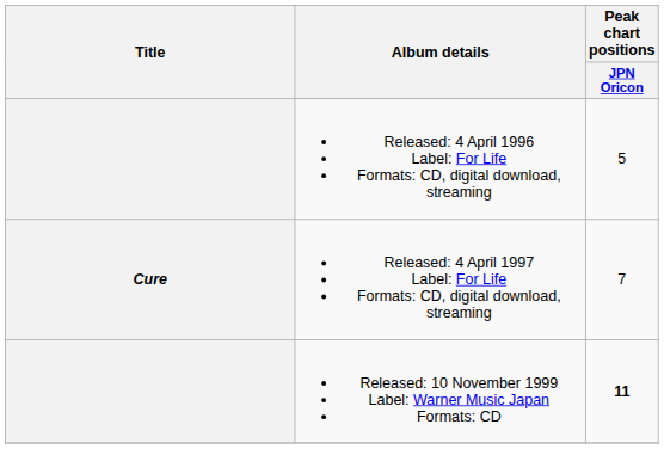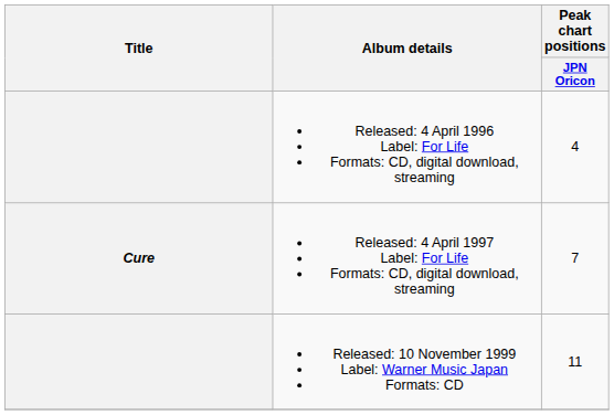 <table class="wikitable plainrowheaders" style="text-align:center;">
 <tr>
 <th scope="col" rowspan="2" style="width:19em;">Title</th>
 <th scope="col" rowspan="2" style="width:19em;">Album details</th>
 <th scope="col">Peak chart positions</th>
 </tr>
 <tr>
 <th scope="col" style="width:2.9em;font-size:90%;"><a href='#'>JPN<br>Oricon</a><br></th>
 </tr>
 <tr>
 <th scope="row"></th>
 <td><br><ul><li>Released: 4 April 1996</li><li>Label: <a href='#'>For Life</a></li><li>Formats: CD, digital download, streaming</li></ul></td>
-<td>5</td>
+<td>4</td>
 </tr>
 <tr>
 <th scope="row"><em>Cure</em></th>
 <td><br><ul><li>Released: 4 April 1997</li><li>Label: <a href='#'>For Life</a></li><li>Formats: CD, digital download, streaming</li></ul></td>
 <td>7</td>
 </tr>
 <tr>
 <th scope="row"></th>
 <td><br><ul><li>Released: 10 November 1999</li><li>Label: <a href='#'>Warner Music Japan</a></li><li>Formats: CD</li></ul></td>
-<td><strong>11</strong></td>
+<td>11</td>
 </tr>
 <tr>
 </tr>
 </table>
